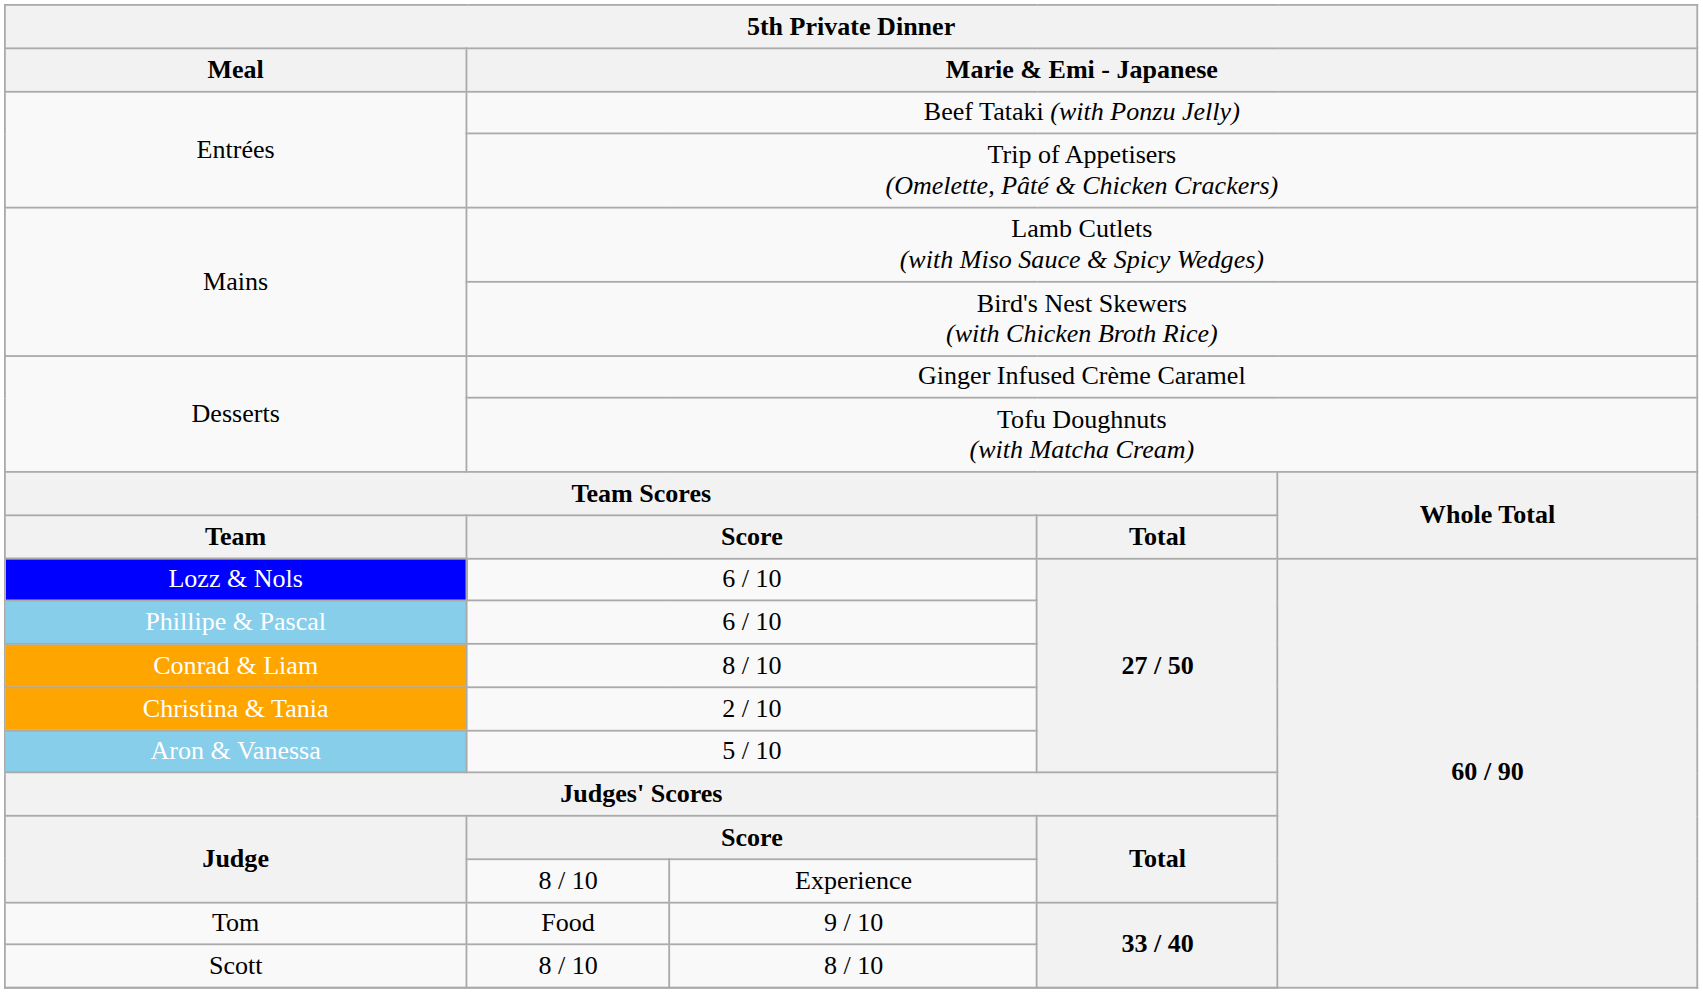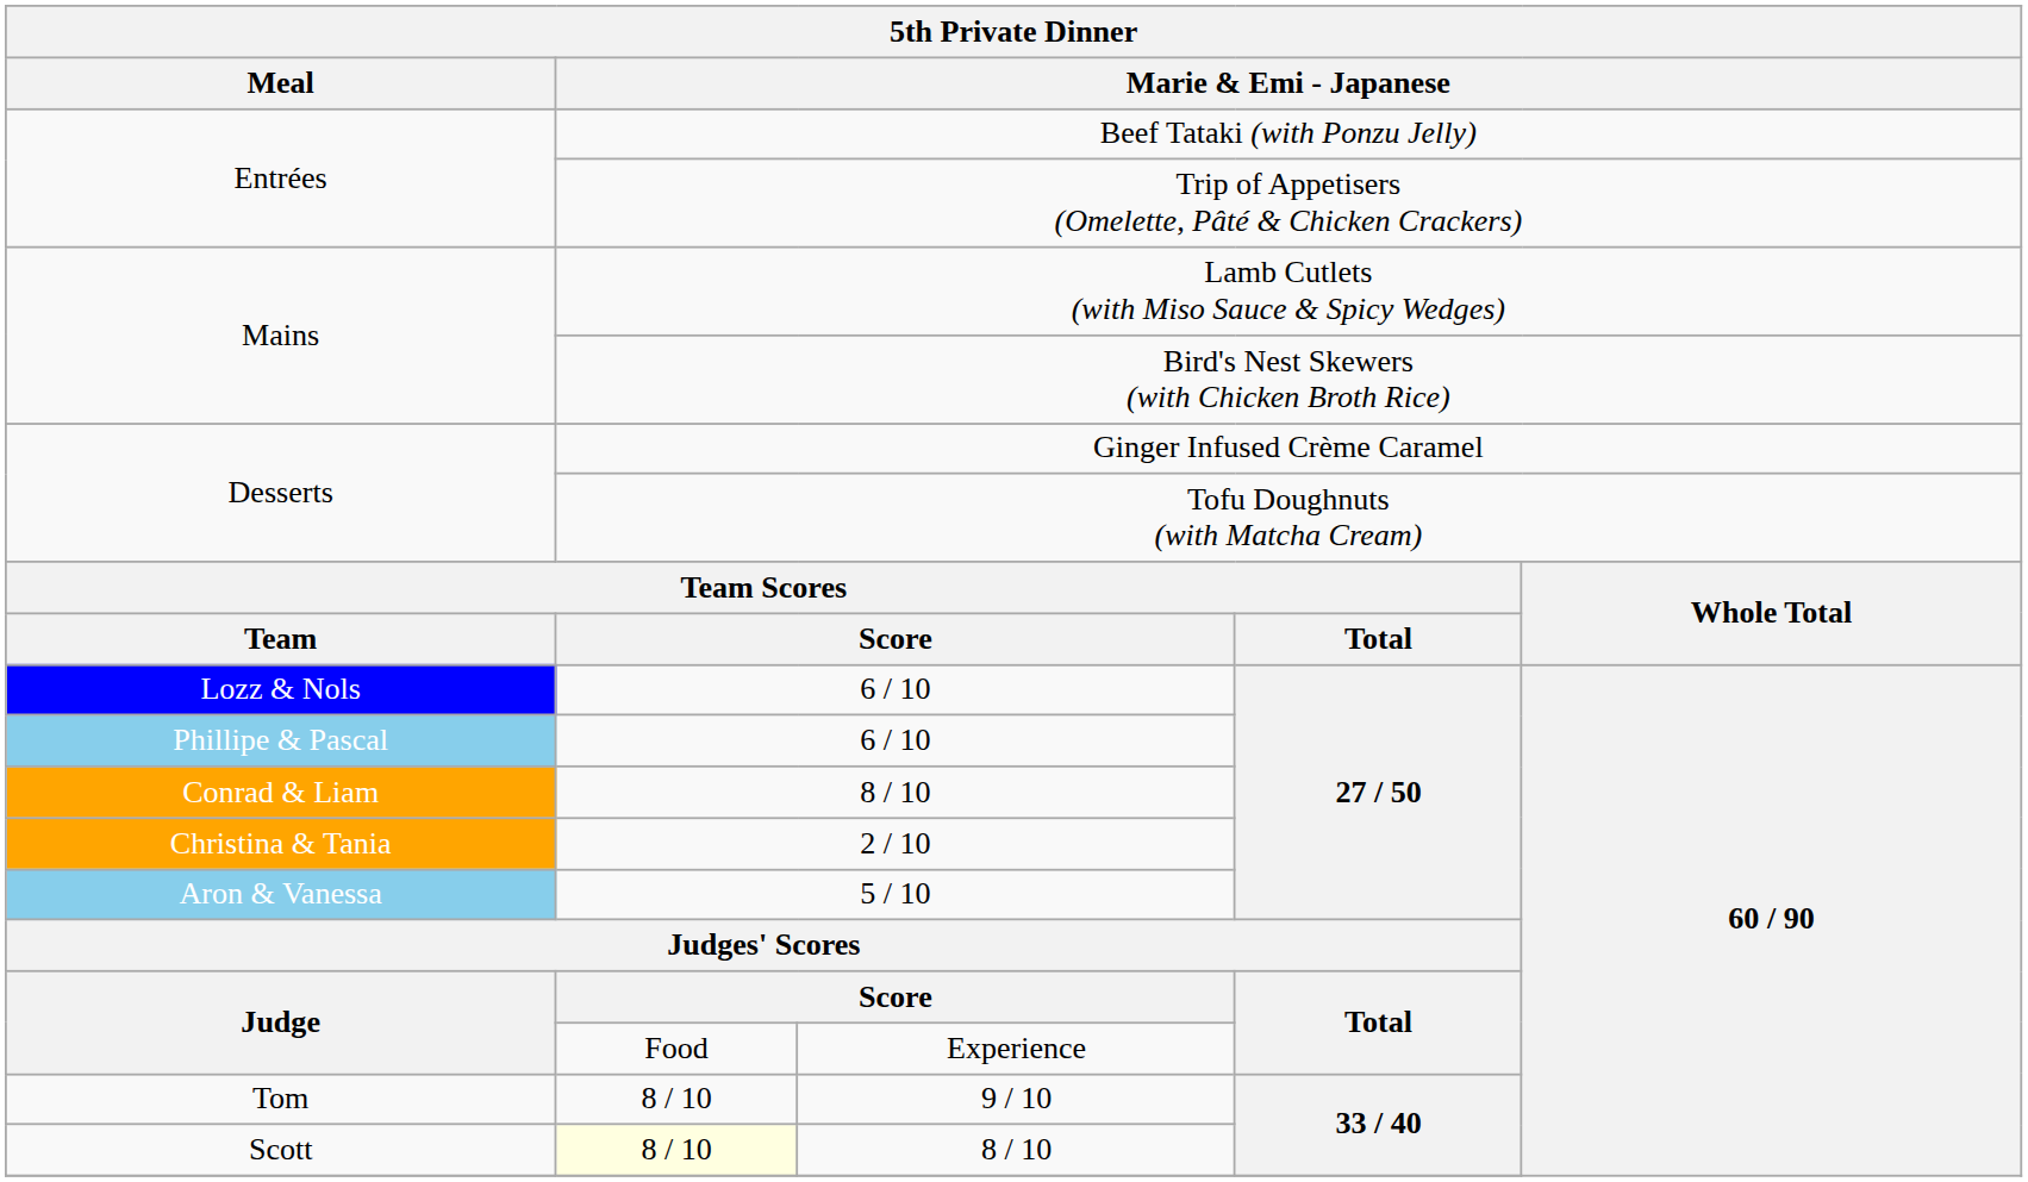 <table class="wikitable plainrowheaders" style="text-align:center; font-size:90%; width:65em;">
 <tr>
 <th colspan="5" >5th Private Dinner</th>
 </tr>
 <tr>
 <th style="width:15%;">Meal</th>
 <th colspan="4" style="width:40%;">Marie & Emi - Japanese</th>
 </tr>
 <tr>
 <td rowspan="2">Entrées</td>
 <td colspan="4">Beef Tataki <em>(with Ponzu Jelly)</em></td>
 </tr>
 <tr>
 <td colspan="4">Trip of Appetisers<br><em>(Omelette, Pâté & Chicken Crackers)</em></td>
 </tr>
 <tr>
 <td rowspan="2">Mains</td>
 <td colspan="4">Lamb Cutlets<br><em>(with Miso Sauce & Spicy Wedges)</em></td>
 </tr>
 <tr>
 <td colspan="4">Bird's Nest Skewers<br><em>(with Chicken Broth Rice)</em></td>
 </tr>
 <tr>
 <td rowspan="2">Desserts</td>
 <td colspan="4">Ginger Infused Crème Caramel</td>
 </tr>
 <tr>
 <td colspan="4">Tofu Doughnuts<br><em>(with Matcha Cream)</em></td>
 </tr>
 <tr>
 <th colspan="4" >Team Scores</th>
 <th rowspan="2">Whole Total</th>
 </tr>
 <tr>
 <th>Team</th>
 <th colspan="2">Score</th>
 <th>Total</th>
 </tr>
 <tr>
 <td style="background:blue; color:white;">Lozz & Nols</td>
 <td colspan="2">6 / 10</td>
 <th rowspan="5">27 / 50</th>
 <th rowspan="11">60 / 90</th>
 </tr>
 <tr>
 <td style="background:skyblue; color:white;">Phillipe & Pascal</td>
 <td colspan="2">6 / 10</td>
 </tr>
 <tr>
 <td style="background:orange; color:white;">Conrad & Liam</td>
 <td colspan="2">8 / 10</td>
 </tr>
 <tr>
 <td style="background:orange; color:white;">Christina & Tania</td>
 <td colspan="2">2 / 10</td>
 </tr>
 <tr>
 <td style="background:skyblue; color:white;">Aron & Vanessa</td>
 <td colspan="2">5 / 10</td>
 </tr>
 <tr>
 <th colspan="4" >Judges' Scores</th>
 </tr>
 <tr>
 <th rowspan="2">Judge</th>
 <th colspan="2">Score</th>
 <th rowspan="2">Total</th>
 </tr>
 <tr>
-<td>8 / 10</td>
+<td>Food</td>
 <td>Experience</td>
 </tr>
 <tr>
 <td>Tom</td>
-<td>Food</td>
+<td>8 / 10</td>
 <td>9 / 10</td>
 <th rowspan="2">33 / 40</th>
 </tr>
 <tr>
 <td>Scott</td>
-<td>8 / 10</td>
+<td style="background: lightyellow;">8 / 10</td>
 <td>8 / 10</td>
 </tr>
 <tr>
 </tr>
 </table>
